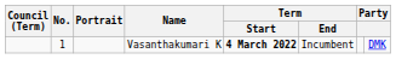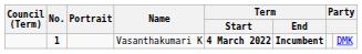 <table class="wikitable sortable" style="text-align:center">
 <tr>
 <th rowspan="2">Council<br>(Term)</th>
 <th rowspan="2" scope="col">No.</th>
 <th rowspan="2" scope="col" class="unsortable">Portrait</th>
 <th rowspan="2" scope="col">Name</th>
 <th colspan="2" scope="col" class="unsortable">Term</th>
 <th scope=col colspan="2">Party</th>
 </tr>
 <tr>
 <th>Start</th>
 <th>End</th>
 <th colspan="2"></th>
 </tr>
 <tr>
 <td></td>
-<td>1</td>
+<td><strong>1</strong></td>
 <td data-sort-value="Vasanthakumari Kamalakannan"></td>
 <td>Vasanthakumari K</td>
 <td><strong>4 March 2022</strong></td>
-<td>Incumbent</td>
+<td><strong>Incumbent</strong></td>
 <td rowspan="1" width="4px"><br></td>
 <td><a href='#'>DMK</a></td>
 </tr>
 </table>
